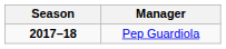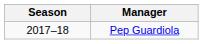 <table class="wikitable">
 <tr>
 <th style="width:120px;">Season</th>
 <th style="width:150px;">Manager</th>
 </tr>
 <tr>
-<td style="text-align:center;"><strong>2017–18</strong></td>
+<td style="text-align:center;">2017–18</td>
 <td style="text-align:center;"> <a href='#'>Pep Guardiola</a></td>
 </tr>
 </table>
